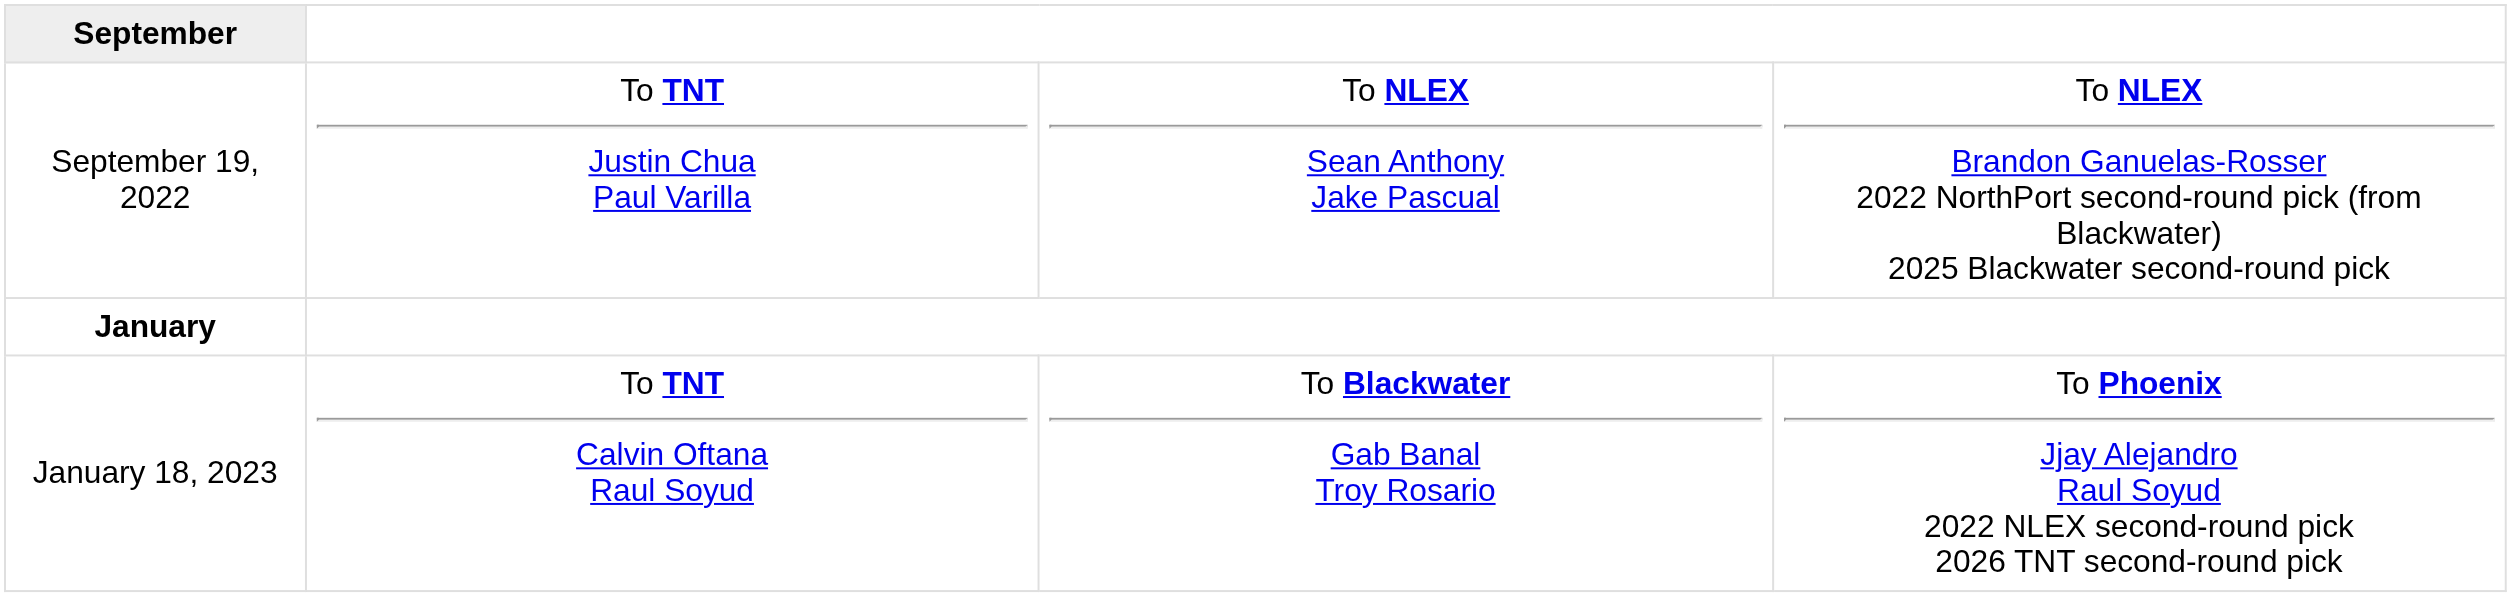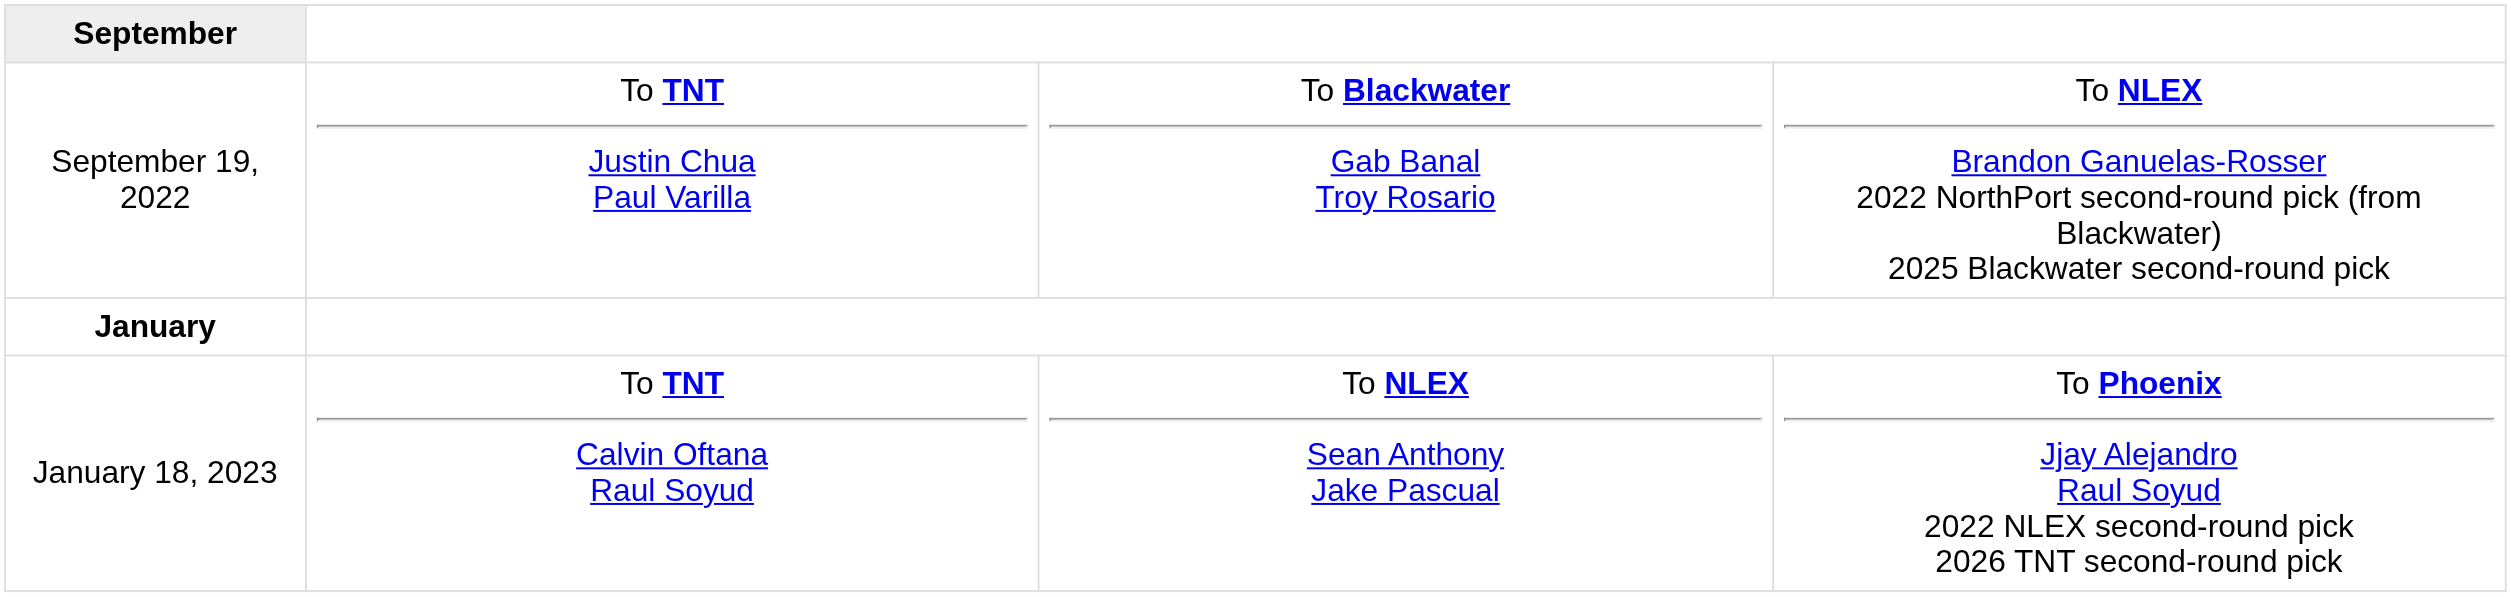 <table border=1 style="border-collapse:collapse; text-align: center; width: 100%" bordercolor="#DFDFDF"  cellpadding="5">
 <tr bgcolor="eeeeee">
 <th>September</th>
 </tr>
 <tr>
 <td style="width:12%">September 19, 2022</td>
 <td style="width:29.3%" valign="top">To <strong><a href='#'>TNT</a></strong><hr><a href='#'>Justin Chua</a><br><a href='#'>Paul Varilla</a></td>
-<td style="width:29.3%" valign="top">To <strong><a href='#'>NLEX</a></strong><hr><a href='#'>Sean Anthony</a><br><a href='#'>Jake Pascual</a></td>
+<td style="width:29.3%" valign="top">To <strong><a href='#'>Blackwater</a></strong><hr><a href='#'>Gab Banal</a><br><a href='#'>Troy Rosario</a></td>
 <td style="width:29.3%" valign="top">To <strong><a href='#'>NLEX</a></strong><hr><a href='#'>Brandon Ganuelas-Rosser</a><br>2022 NorthPort second-round pick (from Blackwater)<br>2025 Blackwater second-round pick</td>
 </tr>
 <tr>
 <th>January</th>
 </tr>
 <tr>
 <td style="width:12%">January 18, 2023</td>
 <td style="width:29.3%" valign="top">To <strong><a href='#'>TNT</a></strong><hr><a href='#'>Calvin Oftana</a><br><a href='#'>Raul Soyud</a></td>
-<td style="width:29.3%" valign="top">To <strong><a href='#'>Blackwater</a></strong><hr><a href='#'>Gab Banal</a><br><a href='#'>Troy Rosario</a></td>
+<td style="width:29.3%" valign="top">To <strong><a href='#'>NLEX</a></strong><hr><a href='#'>Sean Anthony</a><br><a href='#'>Jake Pascual</a></td>
 <td style="width:29.3%" valign="top">To <strong><a href='#'>Phoenix</a></strong><hr><a href='#'>Jjay Alejandro </a><br><a href='#'>Raul Soyud</a><br>2022 NLEX second-round pick<br>2026 TNT second-round pick</td>
 </tr>
 </table>
